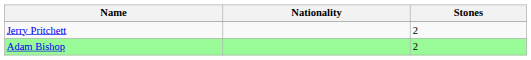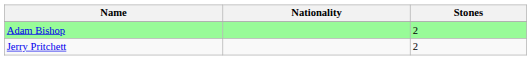 <table class="wikitable" style="display: inline-table; width: 50%;">
 <tr>
 <th>Name</th>
 <th>Nationality</th>
 <th>Stones</th>
 </tr>
 <tr>
 </tr>
+<tr style="background:palegreen">
+<td><a href='#'>Adam Bishop</a></td>
+<td></td>
+<td>2</td>
+</tr>
 <tr>
 <td><a href='#'>Jerry Pritchett</a></td>
 <td></td>
 <td>2</td>
 </tr>
-<tr style="background:palegreen">
-<td><a href='#'>Adam Bishop</a></td>
-<td></td>
-<td>2</td>
-</tr>
 </table>
